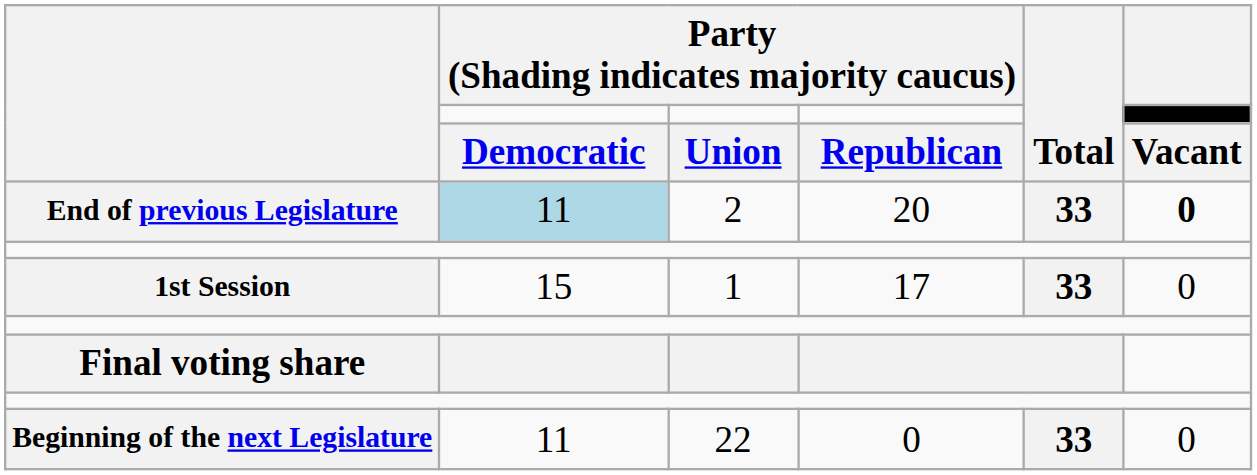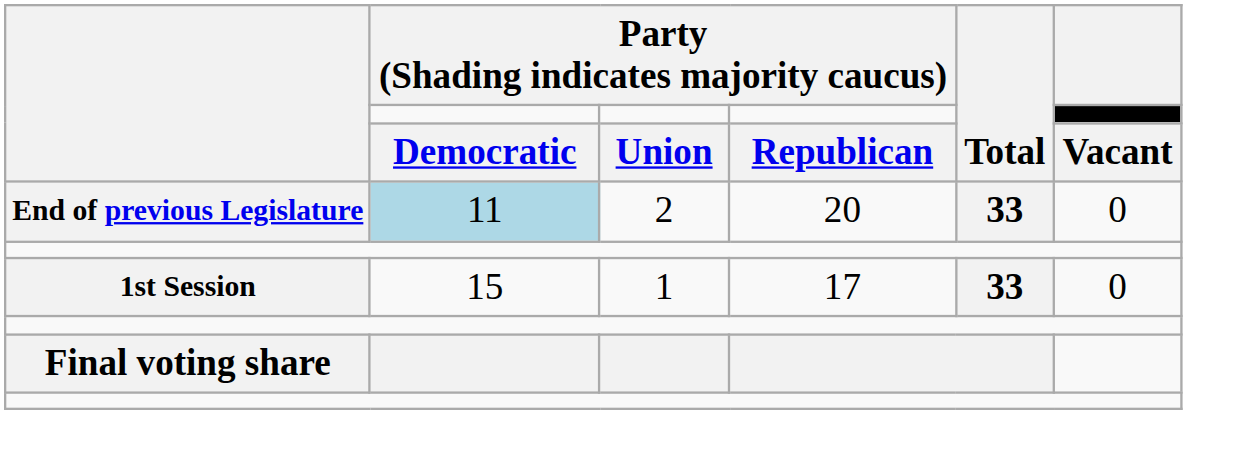 <table class=wikitable style="text-align:center">
 <tr style="vertical-align:bottom;">
 <th rowspan=3></th>
 <th colspan=3>Party <div>(Shading indicates majority caucus)</div></th>
 <th rowspan=3>Total</th>
 <th></th>
 </tr>
 <tr style="height:5px">
 <td style="background-color:"></td>
 <td style="background-color:"></td>
 <td style="background-color:"></td>
 <td style="background:black;"></td>
 </tr>
 <tr>
 <th><a href='#'>Democratic</a></th>
 <th><a href='#'>Union</a></th>
 <th><a href='#'>Republican</a></th>
 <th>Vacant</th>
 </tr>
 <tr>
 <th style="font-size:80%;">End of <a href='#'>previous Legislature</a></th>
 <td style="background: lightblue;">11</td>
 <td>2</td>
 <td>20</td>
 <th>33</th>
-<td><strong>0</strong></td>
+<td>0</td>
 </tr>
 <tr>
 <td colspan=6></td>
 </tr>
 <tr>
 <th style="font-size:80%;">1st Session</th>
 <td>15</td>
 <td>1</td>
 <td>17</td>
 <th>33</th>
 <td>0</td>
 </tr>
 <tr>
 <td colspan=6></td>
 </tr>
 <tr>
 <th>Final voting share</th>
 <th></th>
 <th></th>
 <th colspan=2></th>
 </tr>
 <tr>
 <td colspan=6></td>
 </tr>
-<tr>
-<th style="font-size:80%;">Beginning of the <a href='#'>next Legislature</a></th>
-<td>11</td>
-<td>22</td>
-<td>0</td>
-<th>33</th>
-<td>0</td>
-</tr>
 </table>
